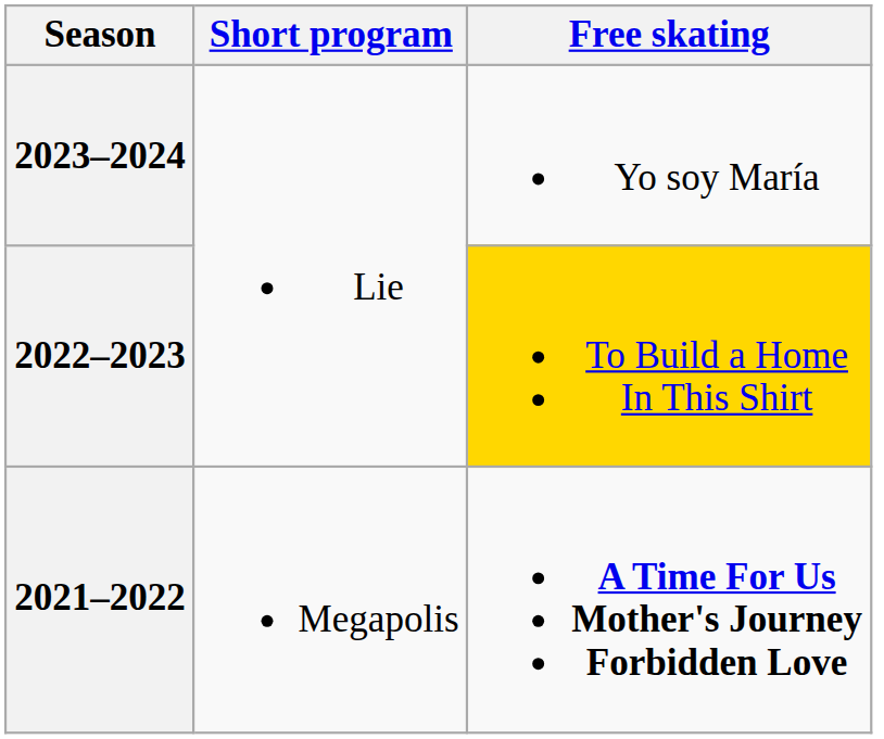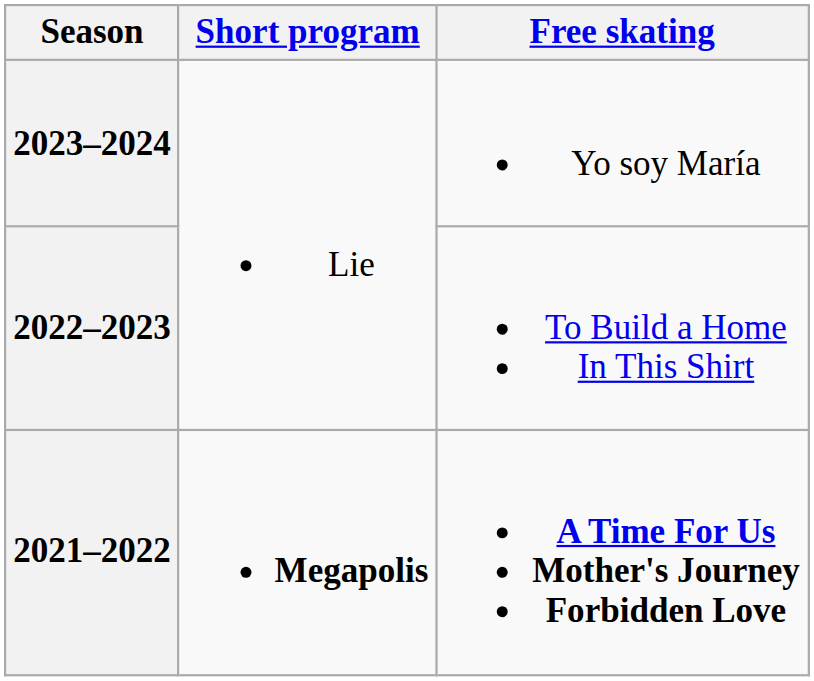 <table class="wikitable" style="text-align:center">
 <tr>
 <th>Season</th>
 <th><a href='#'>Short program</a></th>
 <th><a href='#'>Free skating</a></th>
 </tr>
 <tr>
 <th>2023–2024 <br> </th>
 <td rowspan=2><br><ul><li>Lie <br> </li></ul></td>
 <td><br><ul><li>Yo soy María <br> </li></ul></td>
 </tr>
 <tr>
 <th>2022–2023 <br> </th>
-<td style="background: gold;"><br><ul><li><a href='#'>To Build a Home</a> <br> </li><li><a href='#'>In This Shirt</a> <br> </li></ul></td>
+<td><br><ul><li><a href='#'>To Build a Home</a> <br> </li><li><a href='#'>In This Shirt</a> <br> </li></ul></td>
 </tr>
 <tr>
 <th>2021–2022 <br> </th>
-<td><br><ul><li>Megapolis <br> </li></ul></td>
+<td><strong><br><ul><li>Megapolis <br> </li></ul></strong></td>
 <td><strong><br><ul><li><a href='#'>A Time For Us</a> <br> </li><li>Mother's Journey <br> </li><li>Forbidden Love <br> </li></ul></strong></td>
 </tr>
 </table>
